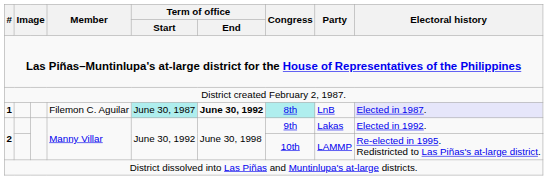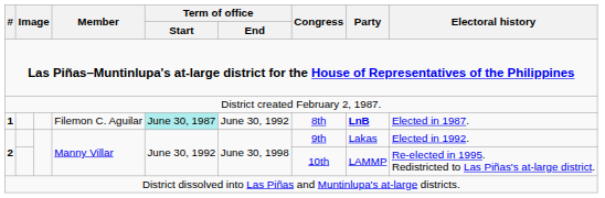 <table class=wikitable>
 <tr>
 <th rowspan="2">#</th>
 <th rowspan="2" colspan=2>Image</th>
 <th rowspan="2">Member</th>
 <th colspan=2>Term of office</th>
 <th rowspan="2">Congress</th>
 <th rowspan="2">Party</th>
 <th rowspan="2">Electoral history</th>
 </tr>
 <tr>
 <th>Start</th>
 <th>End</th>
 </tr>
 <tr>
 <td colspan="9" style="text-align:center;"><br><h3>Las Piñas–Muntinlupa's at-large district for the <a href='#'>House of Representatives of the Philippines</a></h3></td>
 </tr>
 <tr>
 <td colspan="9" style="text-align:center;">District created February 2, 1987.</td>
 </tr>
 <tr>
 <td style="text-align:center;"><strong>1</strong></td>
 <td style="color:inherit;background:"></td>
 <td></td>
 <td>Filemon C. Aguilar</td>
 <td style="background: paleturquoise;">June 30, 1987</td>
-<td><strong>June 30, 1992</strong></td>
-<td style="background: paleturquoise; text-align:center;"><a href='#'>8th</a></td>
-<td><a href='#'>LnB</a></td>
-<td style="background: lavender;"><a href='#'>Elected in 1987</a>.</td>
+<td>June 30, 1992</td>
+<td style="text-align:center;"><a href='#'>8th</a></td>
+<td><strong><a href='#'>LnB</a></strong></td>
+<td><a href='#'>Elected in 1987</a>.</td>
 </tr>
 <tr>
 <td style="text-align:center;" rowspan="3"><strong>2</strong></td>
 <td rowspan="2" style="color:inherit;background:"></td>
 <td rowspan="3"></td>
 <td rowspan="3"><a href='#'>Manny Villar</a></td>
 <td rowspan="3">June 30, 1992</td>
 <td rowspan="3">June 30, 1998</td>
 <td style="text-align:center;"><a href='#'>9th</a></td>
 <td rowspan="2"><a href='#'>Lakas</a></td>
 <td><a href='#'>Elected in 1992</a>.</td>
 </tr>
 <tr>
 <td style="text-align:center;" rowspan="2"><a href='#'>10th</a></td>
 <td rowspan="2"><a href='#'>Re-elected in 1995</a>.<br>Redistricted to <a href='#'>Las Piñas's at-large district</a>.</td>
 </tr>
 <tr>
 <td style="color:inherit;background:"></td>
 <td><a href='#'>LAMMP</a></td>
 </tr>
 <tr>
 <td colspan="9" style="text-align:center;">District dissolved into <a href='#'>Las Piñas</a> and <a href='#'>Muntinlupa's at-large</a> districts.</td>
 </tr>
 </table>
